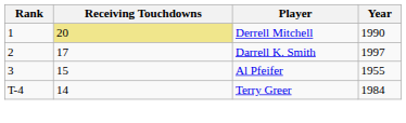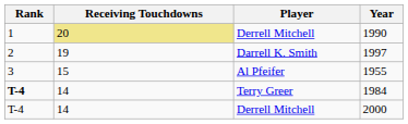 <table class="wikitable" style="width:60%;">
 <tr>
 <th>Rank</th>
 <th>Receiving Touchdowns</th>
 <th>Player</th>
 <th>Year</th>
 </tr>
 <tr>
 <td>1</td>
 <td style="background: khaki;">20</td>
 <td><a href='#'>Derrell Mitchell</a></td>
 <td>1990</td>
 </tr>
 <tr>
 <td>2</td>
-<td>17</td>
+<td>19</td>
 <td><a href='#'>Darrell K. Smith</a></td>
 <td>1997</td>
 </tr>
 <tr>
 <td>3</td>
 <td>15</td>
 <td><a href='#'>Al Pfeifer</a></td>
 <td>1955</td>
 </tr>
 <tr>
-<td>T-4</td>
+<td><strong>T-4</strong></td>
 <td>14</td>
 <td><a href='#'>Terry Greer</a></td>
 <td>1984</td>
 </tr>
+<tr>
+<td>T-4</td>
+<td>14</td>
+<td><a href='#'>Derrell Mitchell</a></td>
+<td>2000</td>
+</tr>
 </table>
